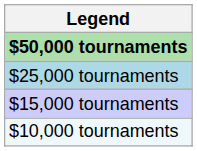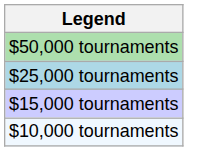 <table class=wikitable style="font-size:85%">
 <tr>
 <th>Legend</th>
 </tr>
 <tr style="background:#addfad;">
-<td><strong>$50,000 tournaments</strong></td>
+<td>$50,000 tournaments</td>
 </tr>
 <tr style="background:lightblue;">
 <td>$25,000 tournaments</td>
 </tr>
 <tr style="background:#ccccff;">
 <td>$15,000 tournaments</td>
 </tr>
 <tr style="background:#f0f8ff;">
 <td>$10,000 tournaments</td>
 </tr>
 </table>
